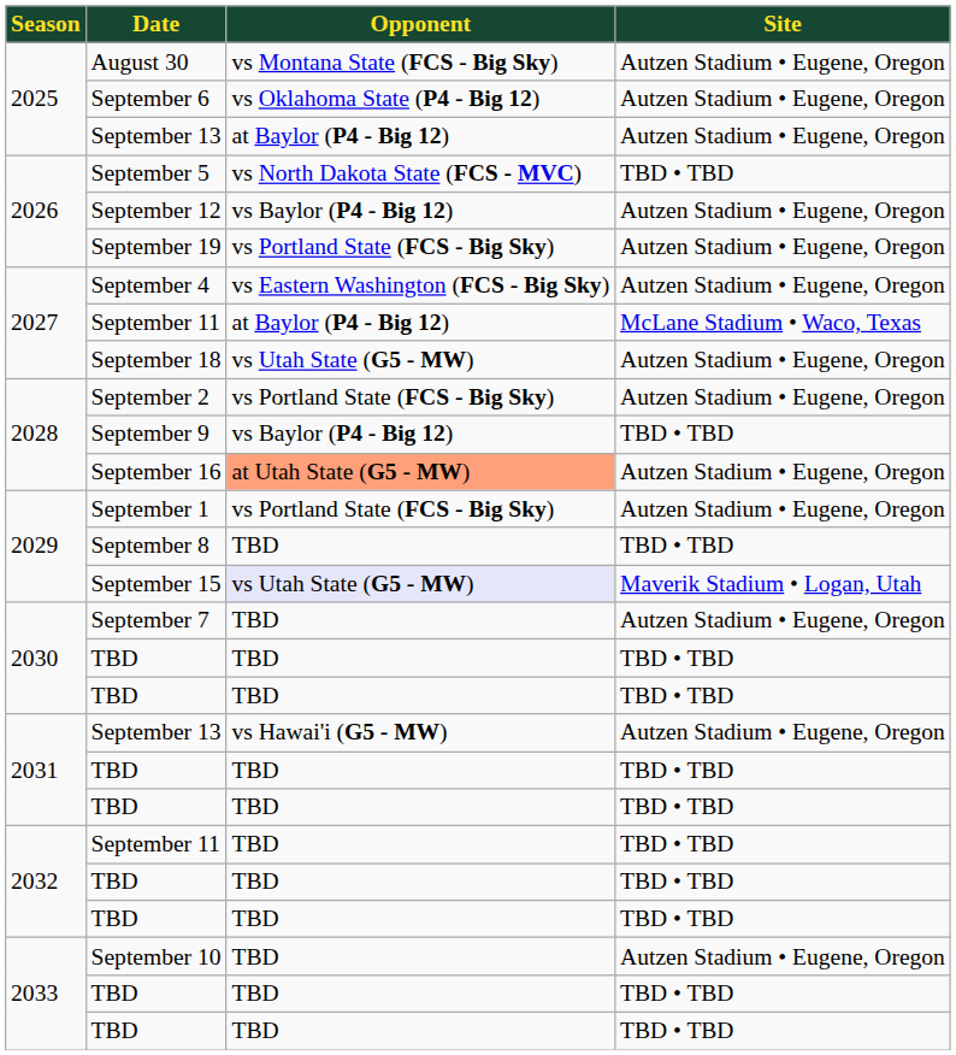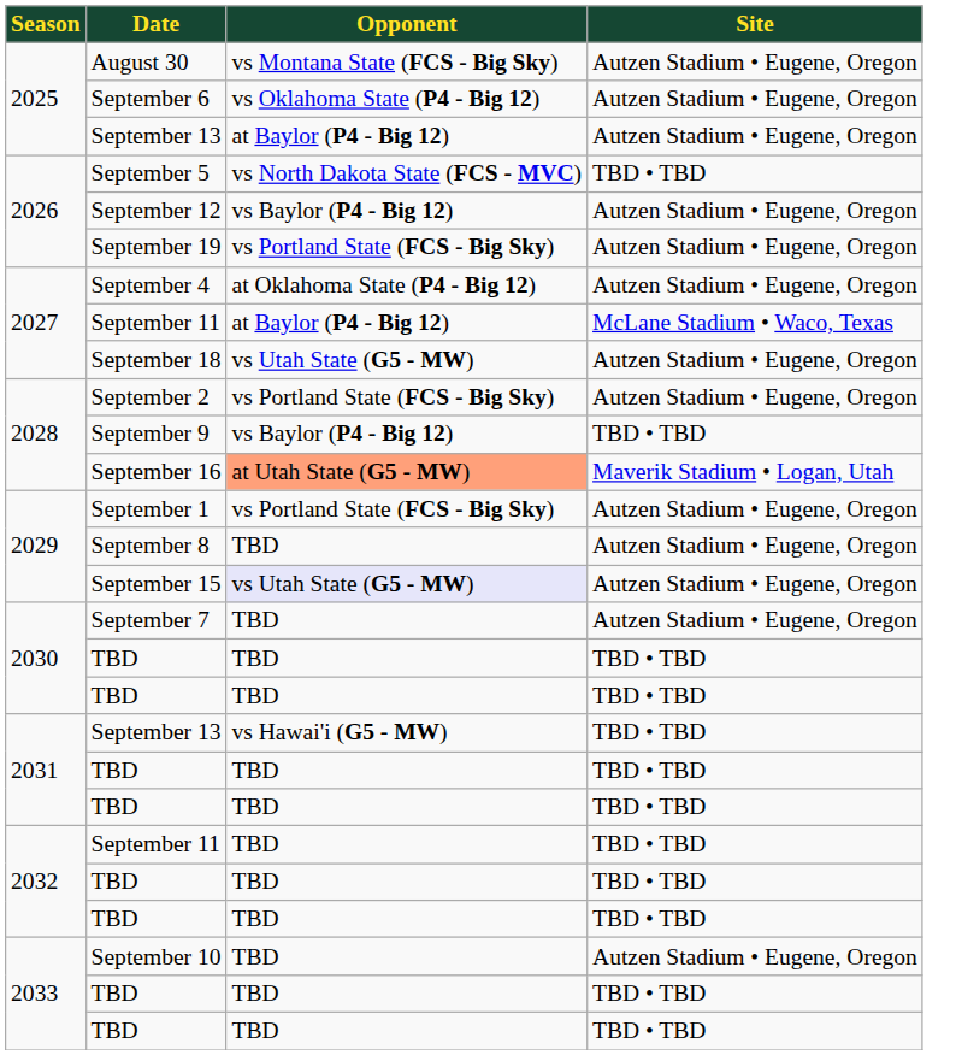 <table class="wikitable sortable">
 <tr>
 <th style="background:#154733; color:#FEE123;">Season</th>
 <th style="background:#154733; color:#FEE123;">Date</th>
 <th style="background:#154733; color:#FEE123;">Opponent</th>
 <th style="background:#154733; color:#FEE123;">Site</th>
 </tr>
 <tr>
 <td rowspan="3">2025</td>
 <td>August 30</td>
 <td>vs <a href='#'>Montana State</a> (<strong>FCS - Big Sky</strong>)</td>
 <td>Autzen Stadium • Eugene, Oregon</td>
 </tr>
 <tr>
 <td>September 6</td>
 <td>vs <a href='#'>Oklahoma State</a> (<strong>P4 - Big 12</strong>)</td>
 <td>Autzen Stadium • Eugene, Oregon</td>
 </tr>
 <tr>
 <td>September 13</td>
 <td>at <a href='#'>Baylor</a> (<strong>P4 - Big 12</strong>)</td>
 <td>Autzen Stadium • Eugene, Oregon</td>
 </tr>
 <tr>
 <td rowspan="3">2026</td>
 <td>September 5</td>
 <td>vs <a href='#'>North Dakota State</a> (<strong>FCS - <a href='#'>MVC</a></strong>)</td>
 <td>TBD • TBD</td>
 </tr>
 <tr>
 <td>September 12</td>
 <td>vs Baylor (<strong>P4 - Big 12</strong>)</td>
 <td>Autzen Stadium • Eugene, Oregon</td>
 </tr>
 <tr>
 <td>September 19</td>
 <td>vs <a href='#'>Portland State</a> (<strong>FCS - Big Sky</strong>)</td>
 <td>Autzen Stadium • Eugene, Oregon</td>
 </tr>
 <tr>
 <td rowspan="3">2027</td>
 <td>September 4</td>
-<td>vs <a href='#'>Eastern Washington</a> (<strong>FCS - Big Sky</strong>)</td>
+<td>at Oklahoma State (<strong>P4 - Big 12</strong>)</td>
 <td>Autzen Stadium • Eugene, Oregon</td>
 </tr>
 <tr>
 <td>September 11</td>
 <td>at <a href='#'>Baylor</a> (<strong>P4 - Big 12</strong>)</td>
 <td><a href='#'>McLane Stadium</a> • <a href='#'>Waco, Texas</a></td>
 </tr>
 <tr>
 <td>September 18</td>
 <td>vs <a href='#'>Utah State</a> (<strong>G5 - MW</strong>)</td>
 <td>Autzen Stadium • Eugene, Oregon</td>
 </tr>
 <tr>
 <td rowspan="3">2028</td>
 <td>September 2</td>
 <td>vs Portland State (<strong>FCS - Big Sky</strong>)</td>
 <td>Autzen Stadium • Eugene, Oregon</td>
 </tr>
 <tr>
 <td>September 9</td>
 <td>vs Baylor (<strong>P4 - Big 12</strong>)</td>
 <td>TBD • TBD</td>
 </tr>
 <tr>
 <td>September 16</td>
 <td style="background: lightsalmon;">at Utah State (<strong>G5 - MW</strong>)</td>
-<td>Autzen Stadium • Eugene, Oregon</td>
+<td><a href='#'>Maverik Stadium</a> • <a href='#'>Logan, Utah</a></td>
 </tr>
 <tr>
 <td rowspan="3">2029</td>
 <td>September 1</td>
 <td>vs Portland State (<strong>FCS - Big Sky</strong>)</td>
 <td>Autzen Stadium • Eugene, Oregon</td>
 </tr>
 <tr>
 <td>September 8</td>
 <td>TBD</td>
-<td>TBD • TBD</td>
+<td>Autzen Stadium • Eugene, Oregon</td>
 </tr>
 <tr>
 <td>September 15</td>
 <td style="background: lavender;">vs Utah State (<strong>G5 - MW</strong>)</td>
-<td><a href='#'>Maverik Stadium</a> • <a href='#'>Logan, Utah</a></td>
+<td>Autzen Stadium • Eugene, Oregon</td>
 </tr>
 <tr>
 <td rowspan="3">2030</td>
 <td>September 7</td>
 <td>TBD</td>
 <td>Autzen Stadium • Eugene, Oregon</td>
 </tr>
 <tr>
 <td>TBD</td>
 <td>TBD</td>
 <td>TBD • TBD</td>
 </tr>
 <tr>
 <td>TBD</td>
 <td>TBD</td>
 <td>TBD • TBD</td>
 </tr>
 <tr>
 <td rowspan="3">2031</td>
 <td>September 13</td>
 <td>vs Hawai'i (<strong>G5 - MW</strong>)</td>
-<td>Autzen Stadium • Eugene, Oregon</td>
+<td>TBD • TBD</td>
 </tr>
 <tr>
 <td>TBD</td>
 <td>TBD</td>
 <td>TBD • TBD</td>
 </tr>
 <tr>
 <td>TBD</td>
 <td>TBD</td>
 <td>TBD • TBD</td>
 </tr>
 <tr>
 <td rowspan="3">2032</td>
 <td>September 11</td>
 <td>TBD</td>
 <td>TBD • TBD</td>
 </tr>
 <tr>
 <td>TBD</td>
 <td>TBD</td>
 <td>TBD • TBD</td>
 </tr>
 <tr>
 <td>TBD</td>
 <td>TBD</td>
 <td>TBD • TBD</td>
 </tr>
 <tr>
 <td rowspan="3">2033</td>
 <td>September 10</td>
 <td>TBD</td>
 <td>Autzen Stadium • Eugene, Oregon</td>
 </tr>
 <tr>
 <td>TBD</td>
 <td>TBD</td>
 <td>TBD • TBD</td>
 </tr>
 <tr>
 <td>TBD</td>
 <td>TBD</td>
 <td>TBD • TBD</td>
 </tr>
 </table>
